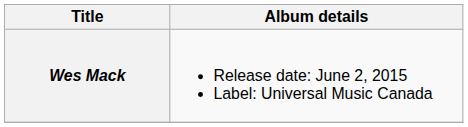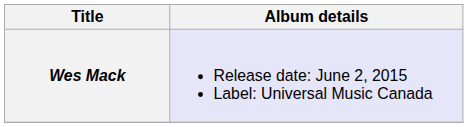 <table class="wikitable plainrowheaders">
 <tr>
 <th style="width:10em;">Title</th>
 <th style="width:18em;">Album details</th>
 </tr>
 <tr>
 <th scope="row"><em>Wes Mack</em></th>
-<td><br><ul><li>Release date: June 2, 2015</li><li>Label: Universal Music Canada</li></ul></td>
+<td style="background: lavender;"><br><ul><li>Release date: June 2, 2015</li><li>Label: Universal Music Canada</li></ul></td>
 </tr>
 <tr>
 </tr>
 </table>
